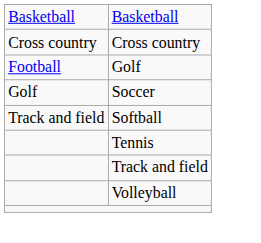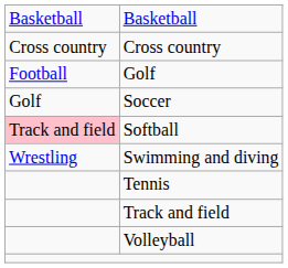 <table class="wikitable" style=" ">
 <tr>
 </tr>
 <tr>
 <td><a href='#'>Basketball</a></td>
 <td><a href='#'>Basketball</a></td>
 </tr>
 <tr>
 <td>Cross country</td>
 <td>Cross country</td>
 </tr>
 <tr>
 <td><a href='#'>Football</a></td>
 <td>Golf</td>
 </tr>
 <tr>
 <td>Golf</td>
 <td>Soccer</td>
 </tr>
 <tr>
-<td>Track and field</td>
+<td style="background: pink;">Track and field</td>
 <td>Softball</td>
+</tr>
+<tr>
+<td><a href='#'>Wrestling</a></td>
+<td>Swimming and diving</td>
 </tr>
 <tr>
 <td></td>
 <td>Tennis</td>
 </tr>
 <tr>
 <td></td>
 <td>Track and field</td>
 </tr>
 <tr>
 <td></td>
 <td>Volleyball</td>
 </tr>
 <tr>
 <td colspan="2"></td>
 </tr>
 </table>
